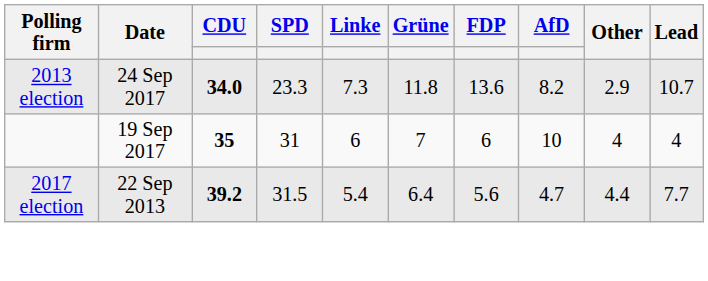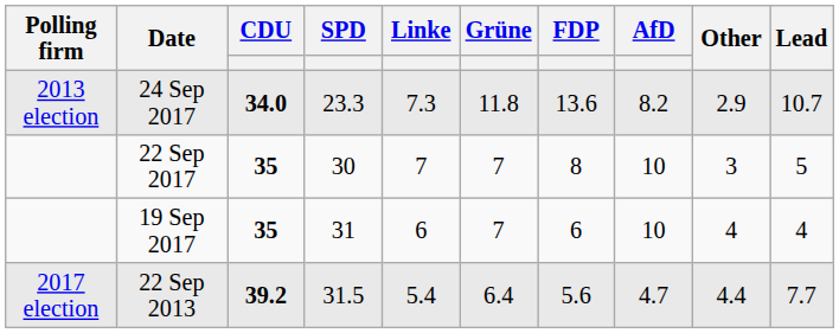 <table class="wikitable sortable" style="text-align:center; font-size:90%; line-height:16px;">
 <tr>
 <th style="width:60px;" rowspan="2">Polling firm</th>
 <th style="width:60px;" rowspan="2">Date</th>
 <th style="width:40px;" class="unsortable"><a href='#'>CDU</a></th>
 <th style="width:40px;" class="unsortable"><a href='#'>SPD</a></th>
 <th style="width:40px;" class="unsortable"><a href='#'>Linke</a></th>
 <th style="width:40px;" class="unsortable"><a href='#'>Grüne</a></th>
 <th style="width:40px;" class="unsortable"><a href='#'>FDP</a></th>
 <th style="width:40px;" class="unsortable"><a href='#'>AfD</a></th>
 <th style="width:40px;" rowspan="2" class="unsortable">Other</th>
 <th style="width:30px;" rowspan="2" class="unsortable">Lead</th>
 </tr>
 <tr>
 <th style="color:inherit;background:"></th>
 <th style="color:inherit;background:"></th>
 <th style="color:inherit;background:"></th>
 <th style="color:inherit;background:"></th>
 <th style="color:inherit;background:"></th>
 <th style="color:inherit;background:"></th>
 </tr>
 <tr style="background-color:#E9E9E9">
 <td><a href='#'>2013 election</a></td>
 <td>24 Sep 2017</td>
 <td><strong>34.0</strong></td>
 <td>23.3</td>
 <td>7.3</td>
 <td>11.8</td>
 <td>13.6</td>
 <td>8.2</td>
 <td>2.9</td>
 <td style="background:">10.7</td>
 </tr>
 <tr>
 <td></td>
+<td>22 Sep 2017</td>
+<td><strong>35</strong></td>
+<td>30</td>
+<td>7</td>
+<td>7</td>
+<td>8</td>
+<td>10</td>
+<td>3</td>
+<td style="background:">5</td>
+</tr>
+<tr>
+<td></td>
 <td>19 Sep 2017</td>
 <td><strong>35</strong></td>
 <td>31</td>
 <td>6</td>
 <td>7</td>
 <td>6</td>
 <td>10</td>
 <td>4</td>
 <td style="background:">4</td>
 </tr>
 <tr style="background-color:#E9E9E9">
 <td><a href='#'>2017 election</a></td>
 <td>22 Sep 2013</td>
 <td><strong>39.2</strong></td>
 <td>31.5</td>
 <td>5.4</td>
 <td>6.4</td>
 <td>5.6</td>
 <td>4.7</td>
 <td>4.4</td>
 <td style="background:">7.7</td>
 </tr>
 </table>
